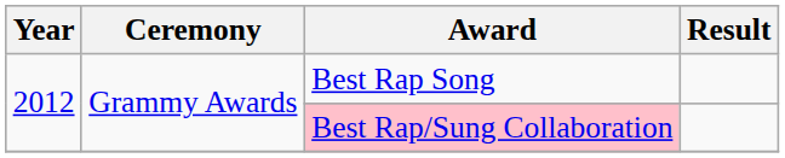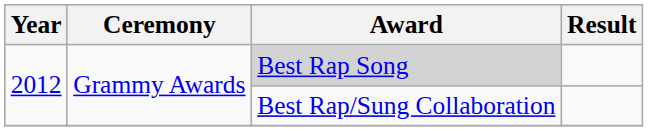 <table class="wikitable plainrowheaders">
 <tr>
 <th>Year</th>
 <th>Ceremony</th>
 <th>Award</th>
 <th>Result</th>
 </tr>
 <tr>
 <td rowspan="2"><a href='#'>2012</a></td>
 <td rowspan="2"><a href='#'>Grammy Awards</a></td>
-<td><a href='#'>Best Rap Song</a></td>
+<td style="background: lightgrey;"><a href='#'>Best Rap Song</a></td>
 <td></td>
 </tr>
 <tr>
-<td style="background: pink;"><a href='#'>Best Rap/Sung Collaboration</a></td>
+<td><a href='#'>Best Rap/Sung Collaboration</a></td>
 <td></td>
 </tr>
 <tr>
 </tr>
 </table>
